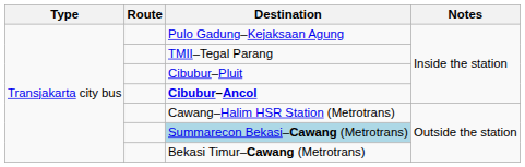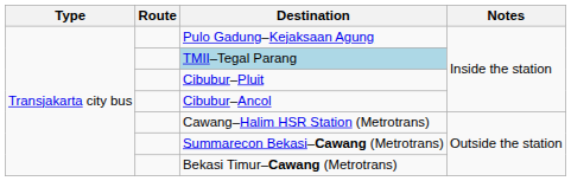 <table class="wikitable">
 <tr>
 <th>Type</th>
 <th>Route</th>
 <th>Destination</th>
 <th>Notes</th>
 </tr>
 <tr>
 <td rowspan="7"><a href='#'>Transjakarta</a> city bus</td>
 <td></td>
 <td><a href='#'>Pulo Gadung</a>–<a href='#'>Kejaksaan Agung</a></td>
 <td rowspan="4">Inside the station</td>
 </tr>
 <tr>
 <td></td>
-<td><a href='#'>TMII</a>–Tegal Parang</td>
+<td style="background: lightblue;"><a href='#'>TMII</a>–Tegal Parang</td>
 </tr>
 <tr>
 <td></td>
 <td><a href='#'>Cibubur</a>–<a href='#'>Pluit</a></td>
 </tr>
 <tr>
 <td></td>
-<td><strong><a href='#'>Cibubur</a>–<a href='#'>Ancol</a></strong></td>
+<td><a href='#'>Cibubur</a>–<a href='#'>Ancol</a></td>
 </tr>
 <tr>
 <td></td>
 <td>Cawang–<a href='#'>Halim HSR Station</a> (Metrotrans)</td>
 <td rowspan="3">Outside the station</td>
 </tr>
 <tr>
 <td></td>
-<td style="background: lightblue;"><a href='#'>Summarecon Bekasi</a>–<strong>Cawang</strong> (Metrotrans)</td>
+<td><a href='#'>Summarecon Bekasi</a>–<strong>Cawang</strong> (Metrotrans)</td>
 </tr>
 <tr>
 <td></td>
 <td>Bekasi Timur–<strong>Cawang</strong> (Metrotrans)</td>
 </tr>
 </table>
